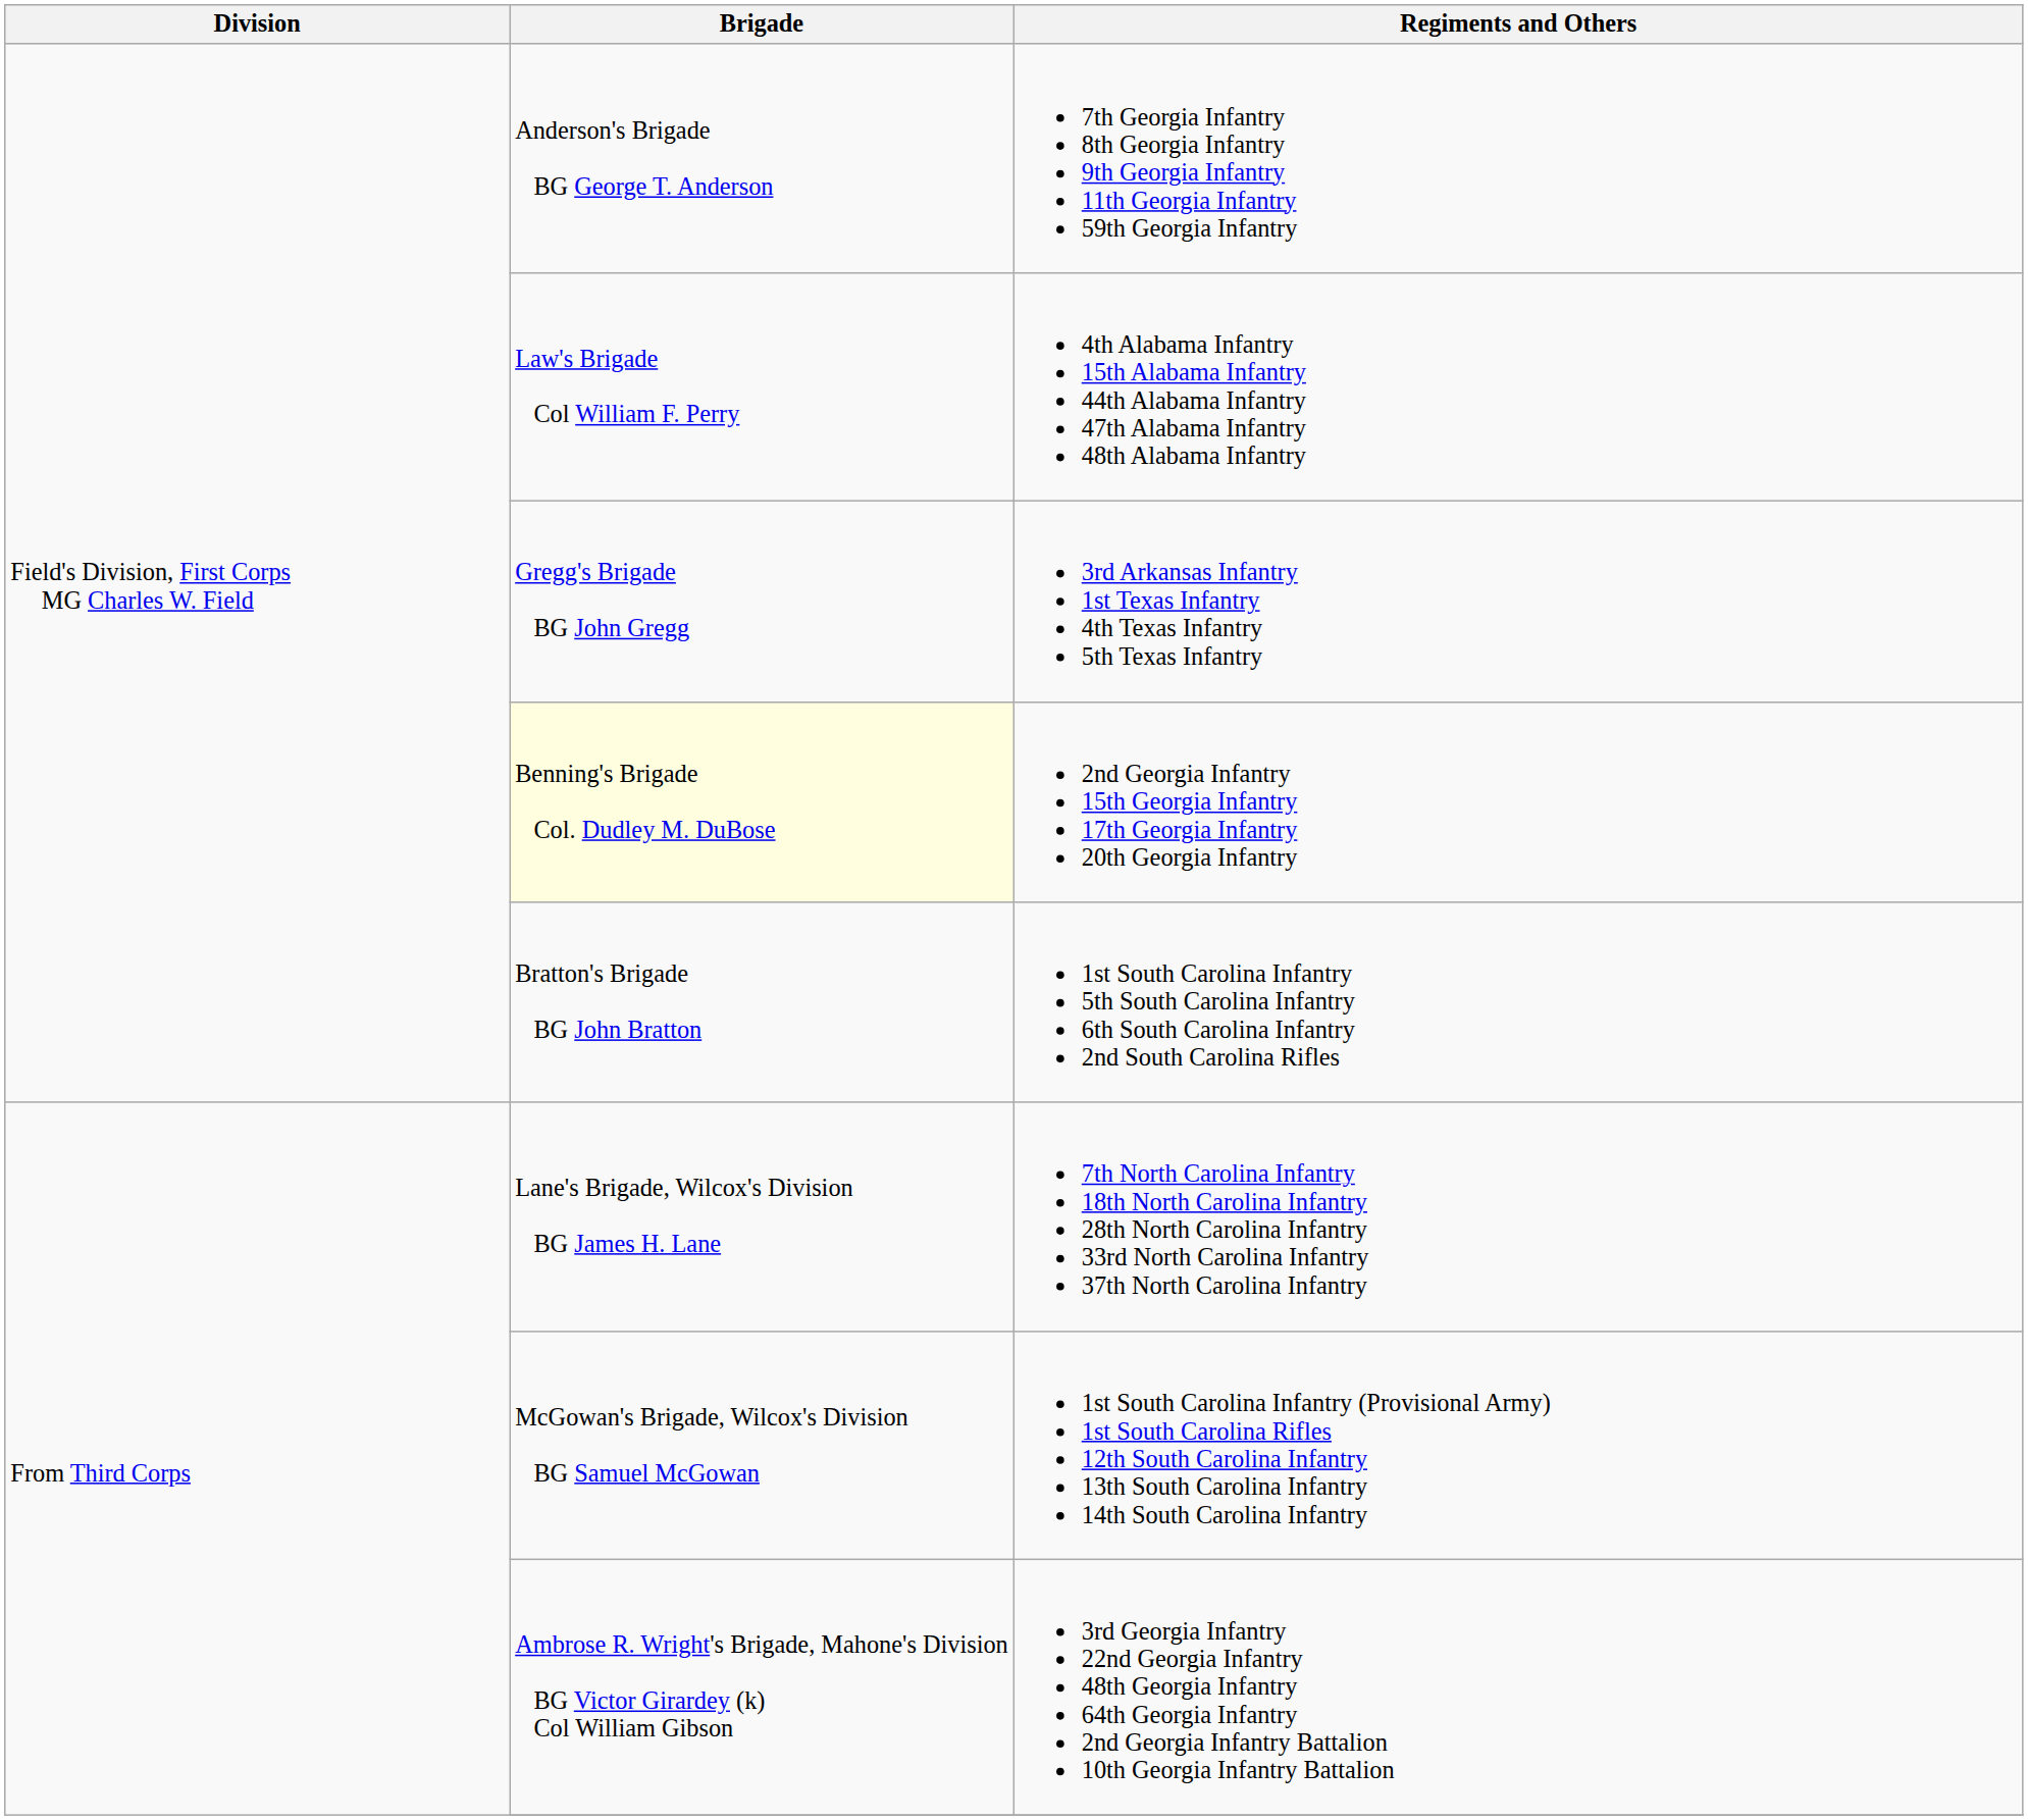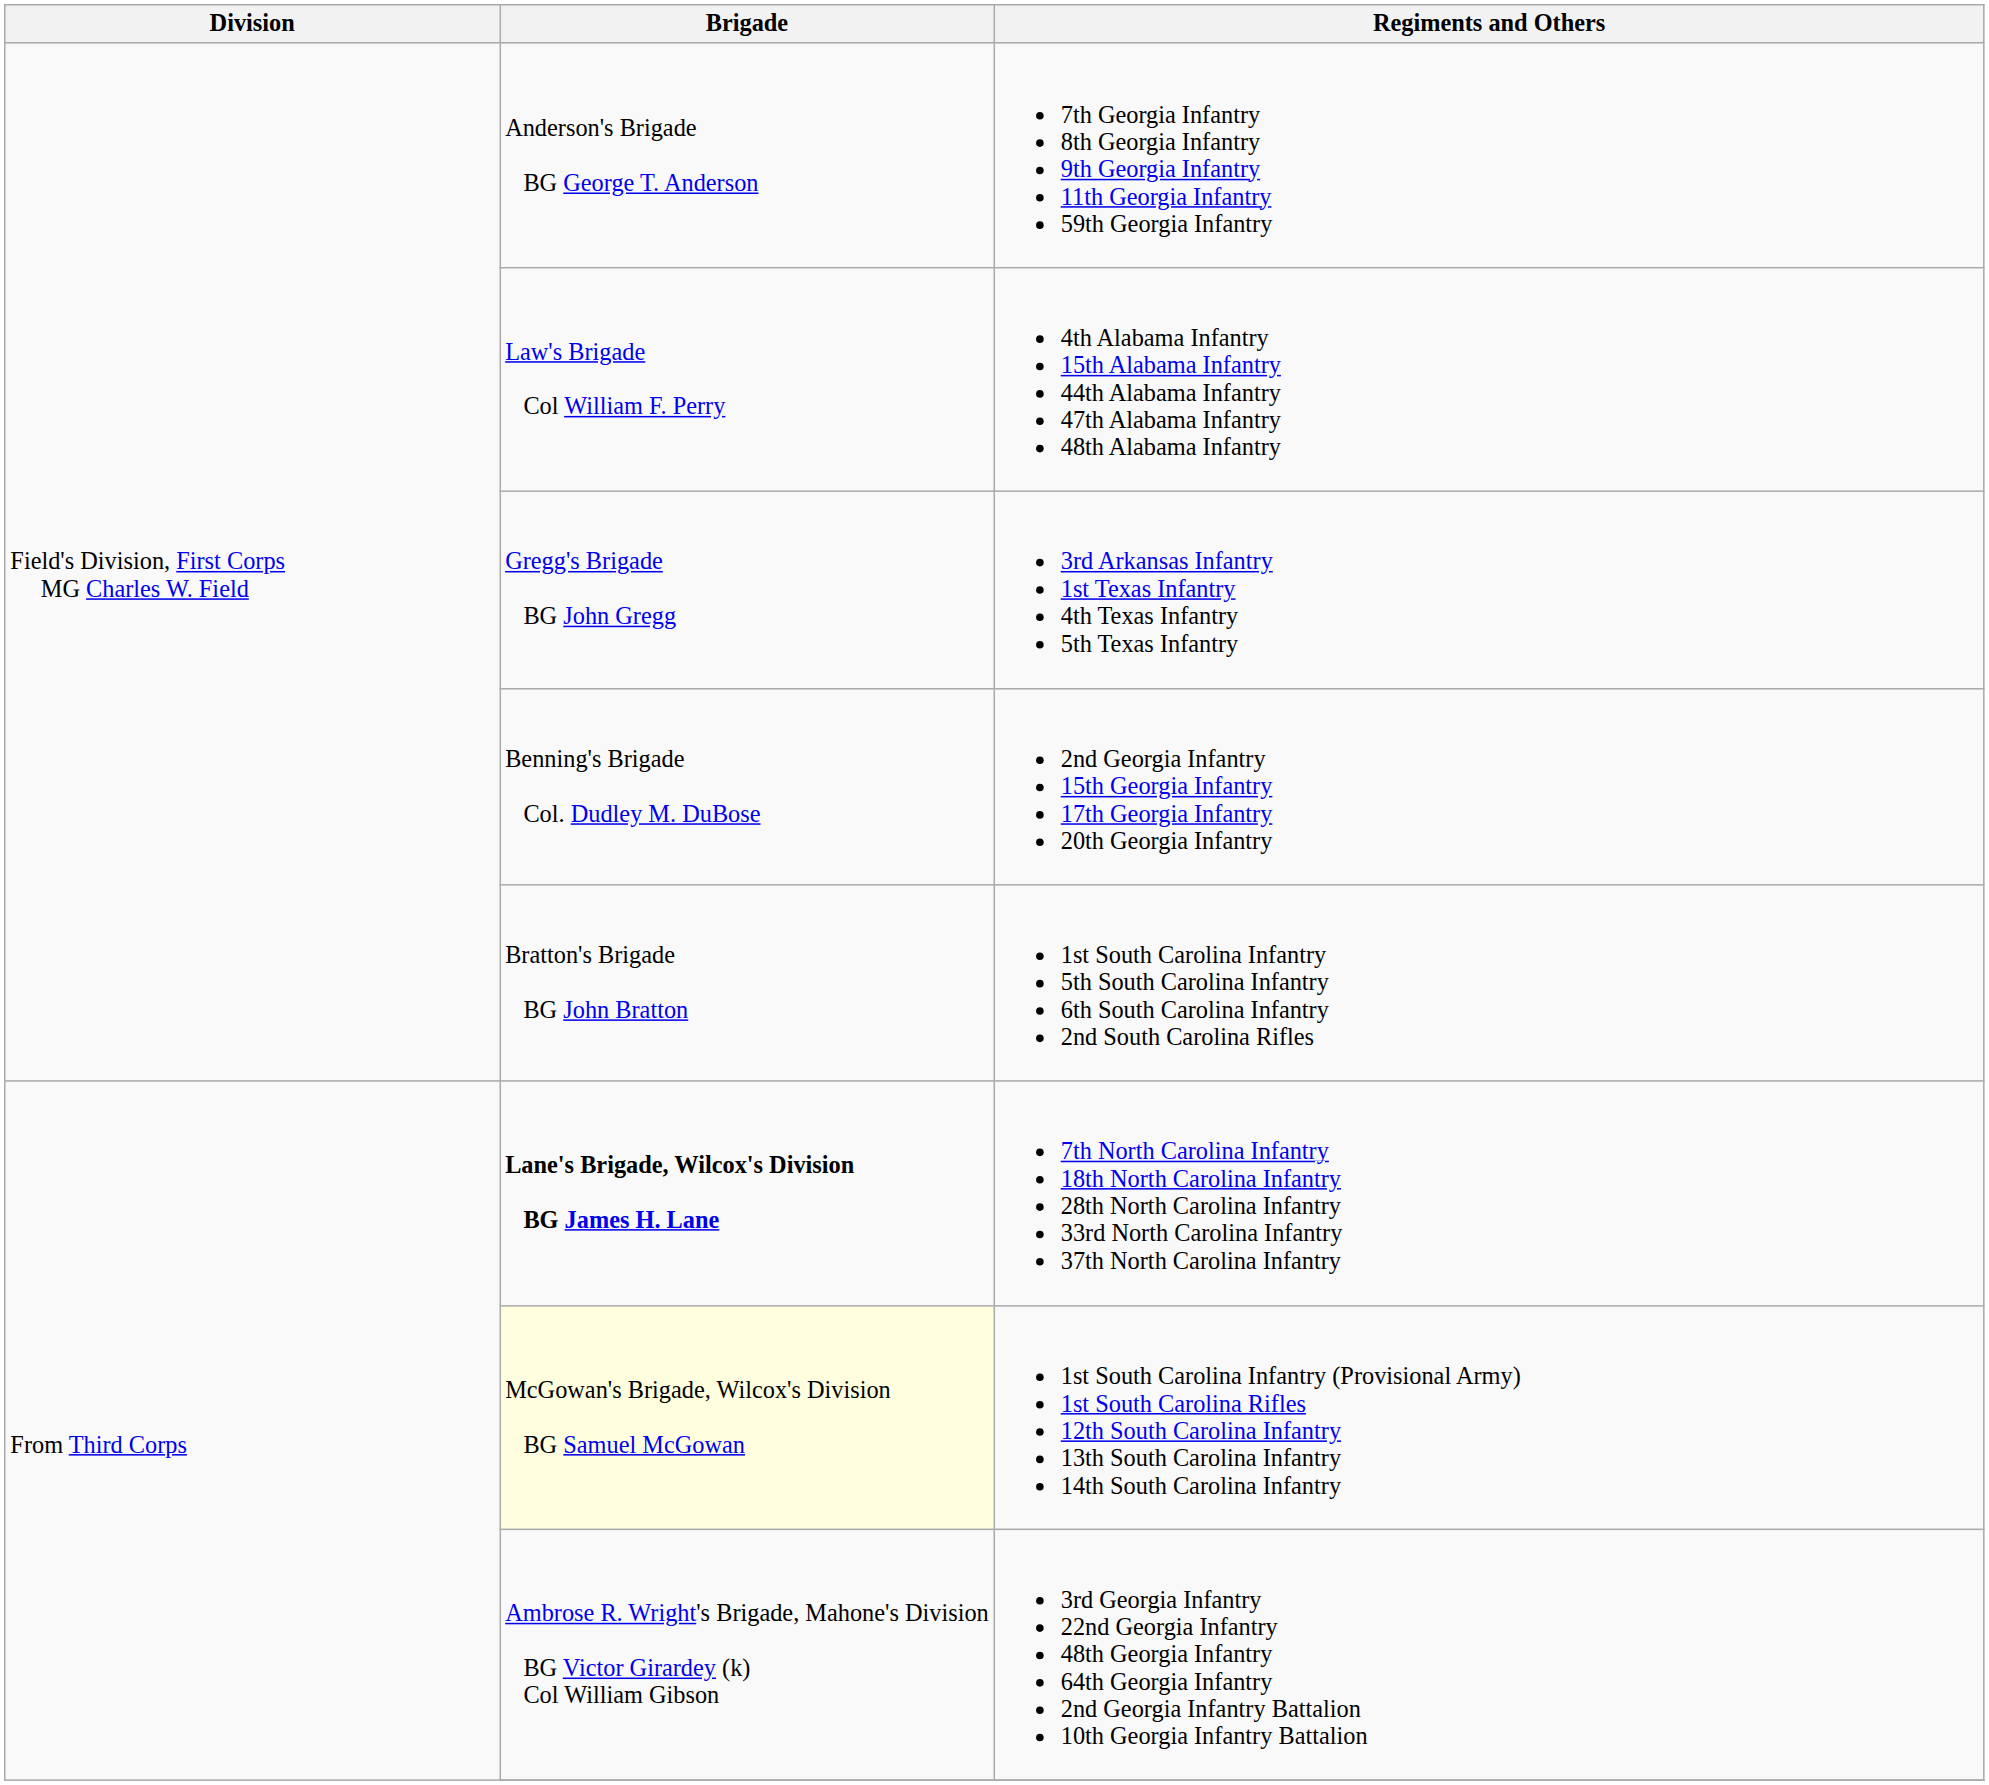 <table class="wikitable">
 <tr>
 <th style="width:25%;">Division</th>
 <th style="width:25%;">Brigade</th>
 <th>Regiments and Others</th>
 </tr>
 <tr>
 <td rowspan=5><br>Field's Division, <a href='#'>First Corps</a> <br>     MG <a href='#'>Charles W. Field</a></td>
 <td>Anderson's Brigade<br><br>   BG <a href='#'>George T. Anderson</a></td>
 <td><br><ul><li>7th Georgia Infantry</li><li>8th Georgia Infantry</li><li><a href='#'>9th Georgia Infantry</a></li><li><a href='#'>11th Georgia Infantry</a></li><li>59th Georgia Infantry</li></ul></td>
 </tr>
 <tr>
 <td><a href='#'>Law's Brigade</a><br><br>   Col <a href='#'>William F. Perry</a></td>
 <td><br><ul><li>4th Alabama Infantry</li><li><a href='#'>15th Alabama Infantry</a></li><li>44th Alabama Infantry</li><li>47th Alabama Infantry</li><li>48th Alabama Infantry</li></ul></td>
 </tr>
 <tr>
 <td><a href='#'>Gregg's Brigade</a><br><br>   BG <a href='#'>John Gregg</a></td>
 <td><br><ul><li><a href='#'>3rd Arkansas Infantry</a></li><li><a href='#'>1st Texas Infantry</a></li><li>4th Texas Infantry</li><li>5th Texas Infantry</li></ul></td>
 </tr>
 <tr>
-<td style="background: lightyellow;">Benning's Brigade<br><br>   Col. <a href='#'>Dudley M. DuBose</a></td>
+<td>Benning's Brigade<br><br>   Col. <a href='#'>Dudley M. DuBose</a></td>
 <td><br><ul><li>2nd Georgia Infantry</li><li><a href='#'>15th Georgia Infantry</a></li><li><a href='#'>17th Georgia Infantry</a></li><li>20th Georgia Infantry</li></ul></td>
 </tr>
 <tr>
 <td>Bratton's Brigade<br><br>   BG <a href='#'>John Bratton</a></td>
 <td><br><ul><li>1st South Carolina Infantry</li><li>5th South Carolina Infantry</li><li>6th South Carolina Infantry</li><li>2nd South Carolina Rifles</li></ul></td>
 </tr>
 <tr>
 <td rowspan=4><br>From <a href='#'>Third Corps</a></td>
-<td>Lane's Brigade, Wilcox's Division<br><br>   BG <a href='#'>James H. Lane</a></td>
+<td><strong>Lane's Brigade, Wilcox's Division<br><br>   BG <a href='#'>James H. Lane</a></strong></td>
 <td><br><ul><li><a href='#'>7th North Carolina Infantry</a></li><li><a href='#'>18th North Carolina Infantry</a></li><li>28th North Carolina Infantry</li><li>33rd North Carolina Infantry</li><li>37th North Carolina Infantry</li></ul></td>
 </tr>
 <tr>
-<td>McGowan's Brigade, Wilcox's Division<br><br>   BG <a href='#'>Samuel McGowan</a></td>
+<td style="background: lightyellow;">McGowan's Brigade, Wilcox's Division<br><br>   BG <a href='#'>Samuel McGowan</a></td>
 <td><br><ul><li>1st South Carolina Infantry (Provisional Army)</li><li><a href='#'>1st South Carolina Rifles</a></li><li><a href='#'>12th South Carolina Infantry</a></li><li>13th South Carolina Infantry</li><li>14th South Carolina Infantry</li></ul></td>
 </tr>
 <tr>
 <td><a href='#'>Ambrose R. Wright</a>'s Brigade, Mahone's Division<br><br>   BG <a href='#'>Victor Girardey</a> (k) <br>   Col William Gibson</td>
 <td><br><ul><li>3rd Georgia Infantry</li><li>22nd Georgia Infantry</li><li>48th Georgia Infantry</li><li>64th Georgia Infantry</li><li>2nd Georgia Infantry Battalion</li><li>10th Georgia Infantry Battalion</li></ul></td>
 </tr>
 <tr>
 </tr>
 </table>
